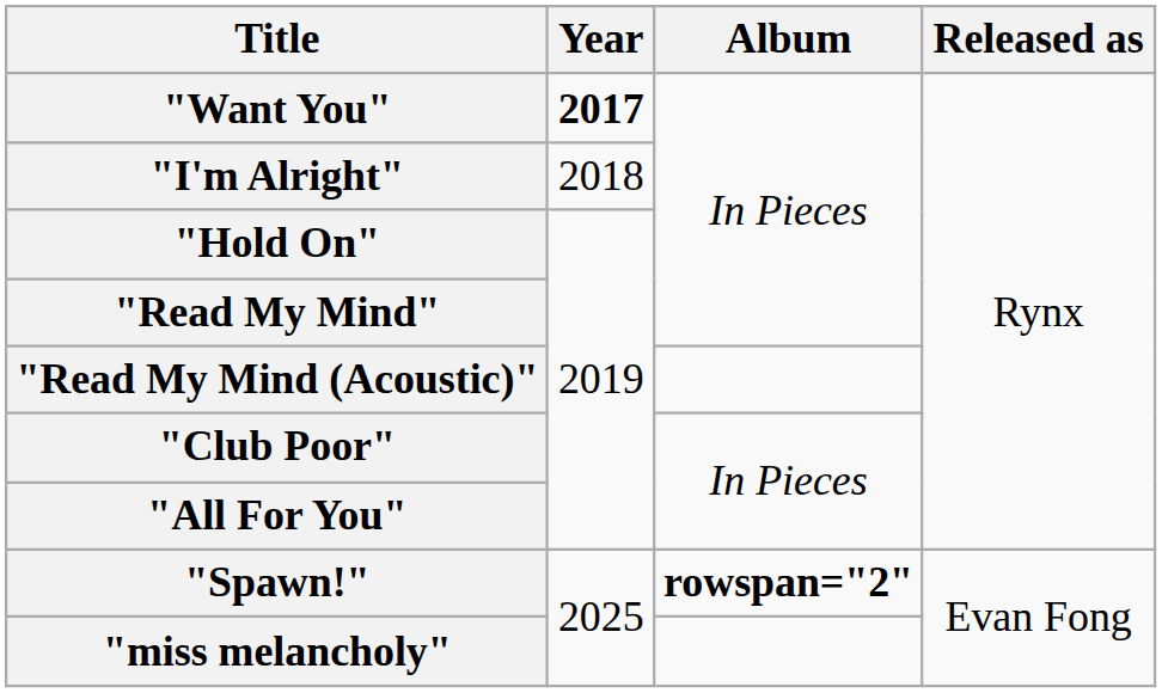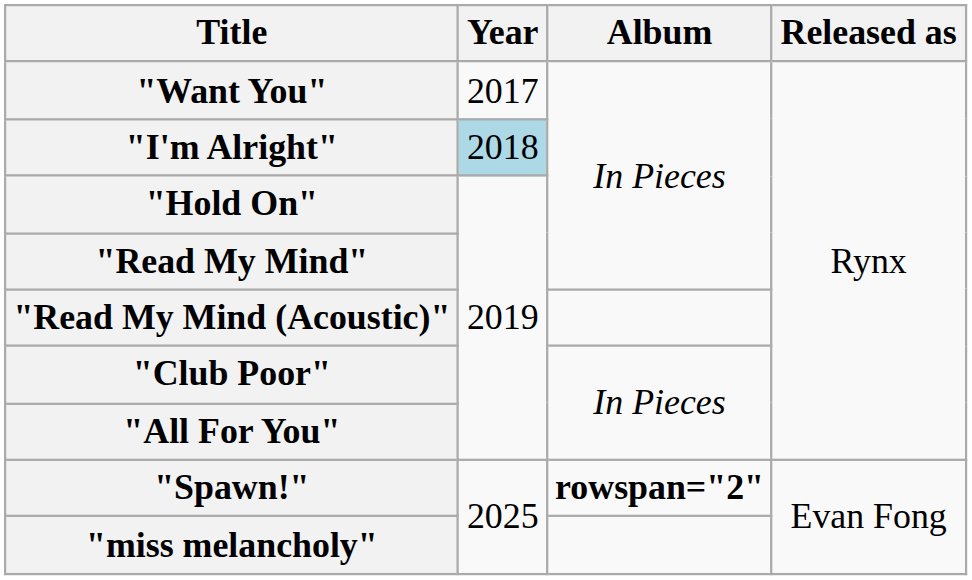 <table class="wikitable plainrowheaders" style="text-align:center">
 <tr>
 <th scope="col">Title</th>
 <th scope="col">Year</th>
 <th scope="col">Album</th>
 <th>Released as</th>
 </tr>
 <tr>
 <th scope="row">"Want You"<br></th>
-<td><strong>2017</strong></td>
+<td>2017</td>
 <td rowspan="4"><em>In Pieces</em></td>
 <td rowspan="7">Rynx</td>
 </tr>
 <tr>
 <th scope="row">"I'm Alright"<br></th>
-<td>2018</td>
+<td style="background: lightblue;">2018</td>
 </tr>
 <tr>
 <th scope="row">"Hold On"<br></th>
 <td rowspan="5">2019</td>
 </tr>
 <tr>
 <th scope="row">"Read My Mind"<br></th>
 </tr>
 <tr>
 <th scope="row">"Read My Mind (Acoustic)"<br></th>
 <td></td>
 </tr>
 <tr>
 <th scope="row">"Club Poor"<br></th>
 <td rowspan="2"><em>In Pieces</em></td>
 </tr>
 <tr>
 <th scope="row">"All For You"<br></th>
 </tr>
 <tr>
 <th scope="row">"Spawn!"</th>
 <td rowspan="2">2025</td>
 <td><strong>rowspan="2" </strong></td>
 <td rowspan="2">Evan Fong</td>
 </tr>
 <tr>
 <th scope="row">"miss melancholy"</th>
 </tr>
 </table>
